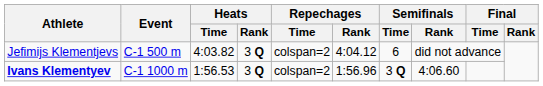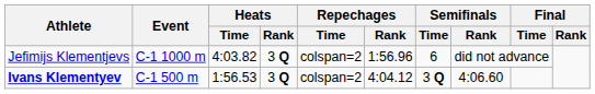 <table class="wikitable" style="font-size:90%">
 <tr>
 <th rowspan=2>Athlete</th>
 <th rowspan=2>Event</th>
 <th colspan=2>Heats</th>
 <th colspan=2>Repechages</th>
 <th colspan=2>Semifinals</th>
 <th colspan=2>Final</th>
 </tr>
 <tr style="font-size:95%">
 <th>Time</th>
 <th>Rank</th>
 <th>Time</th>
 <th>Rank</th>
 <th>Time</th>
 <th>Rank</th>
 <th>Time</th>
 <th>Rank</th>
 </tr>
 <tr align=center>
 <td align=left><a href='#'>Jefimijs Klementjevs</a></td>
-<td align=left><a href='#'>C-1 500 m</a></td>
+<td align=left><a href='#'>C-1 1000 m</a></td>
 <td>4:03.82</td>
 <td>3 <strong>Q</strong></td>
 <td>colspan=2 </td>
-<td>4:04.12</td>
+<td>1:56.96</td>
 <td>6</td>
 <td colspan=2>did not advance</td>
 </tr>
 <tr align=center>
 <td align=left><strong><a href='#'>Ivans Klementyev</a></strong></td>
-<td align=left><a href='#'>C-1 1000 m</a></td>
+<td align=left><a href='#'>C-1 500 m</a></td>
 <td>1:56.53</td>
 <td>3 <strong>Q</strong></td>
 <td>colspan=2 </td>
-<td>1:56.96</td>
+<td>4:04.12</td>
 <td>3 <strong>Q</strong></td>
 <td>4:06.60</td>
 <td></td>
 </tr>
 </table>
